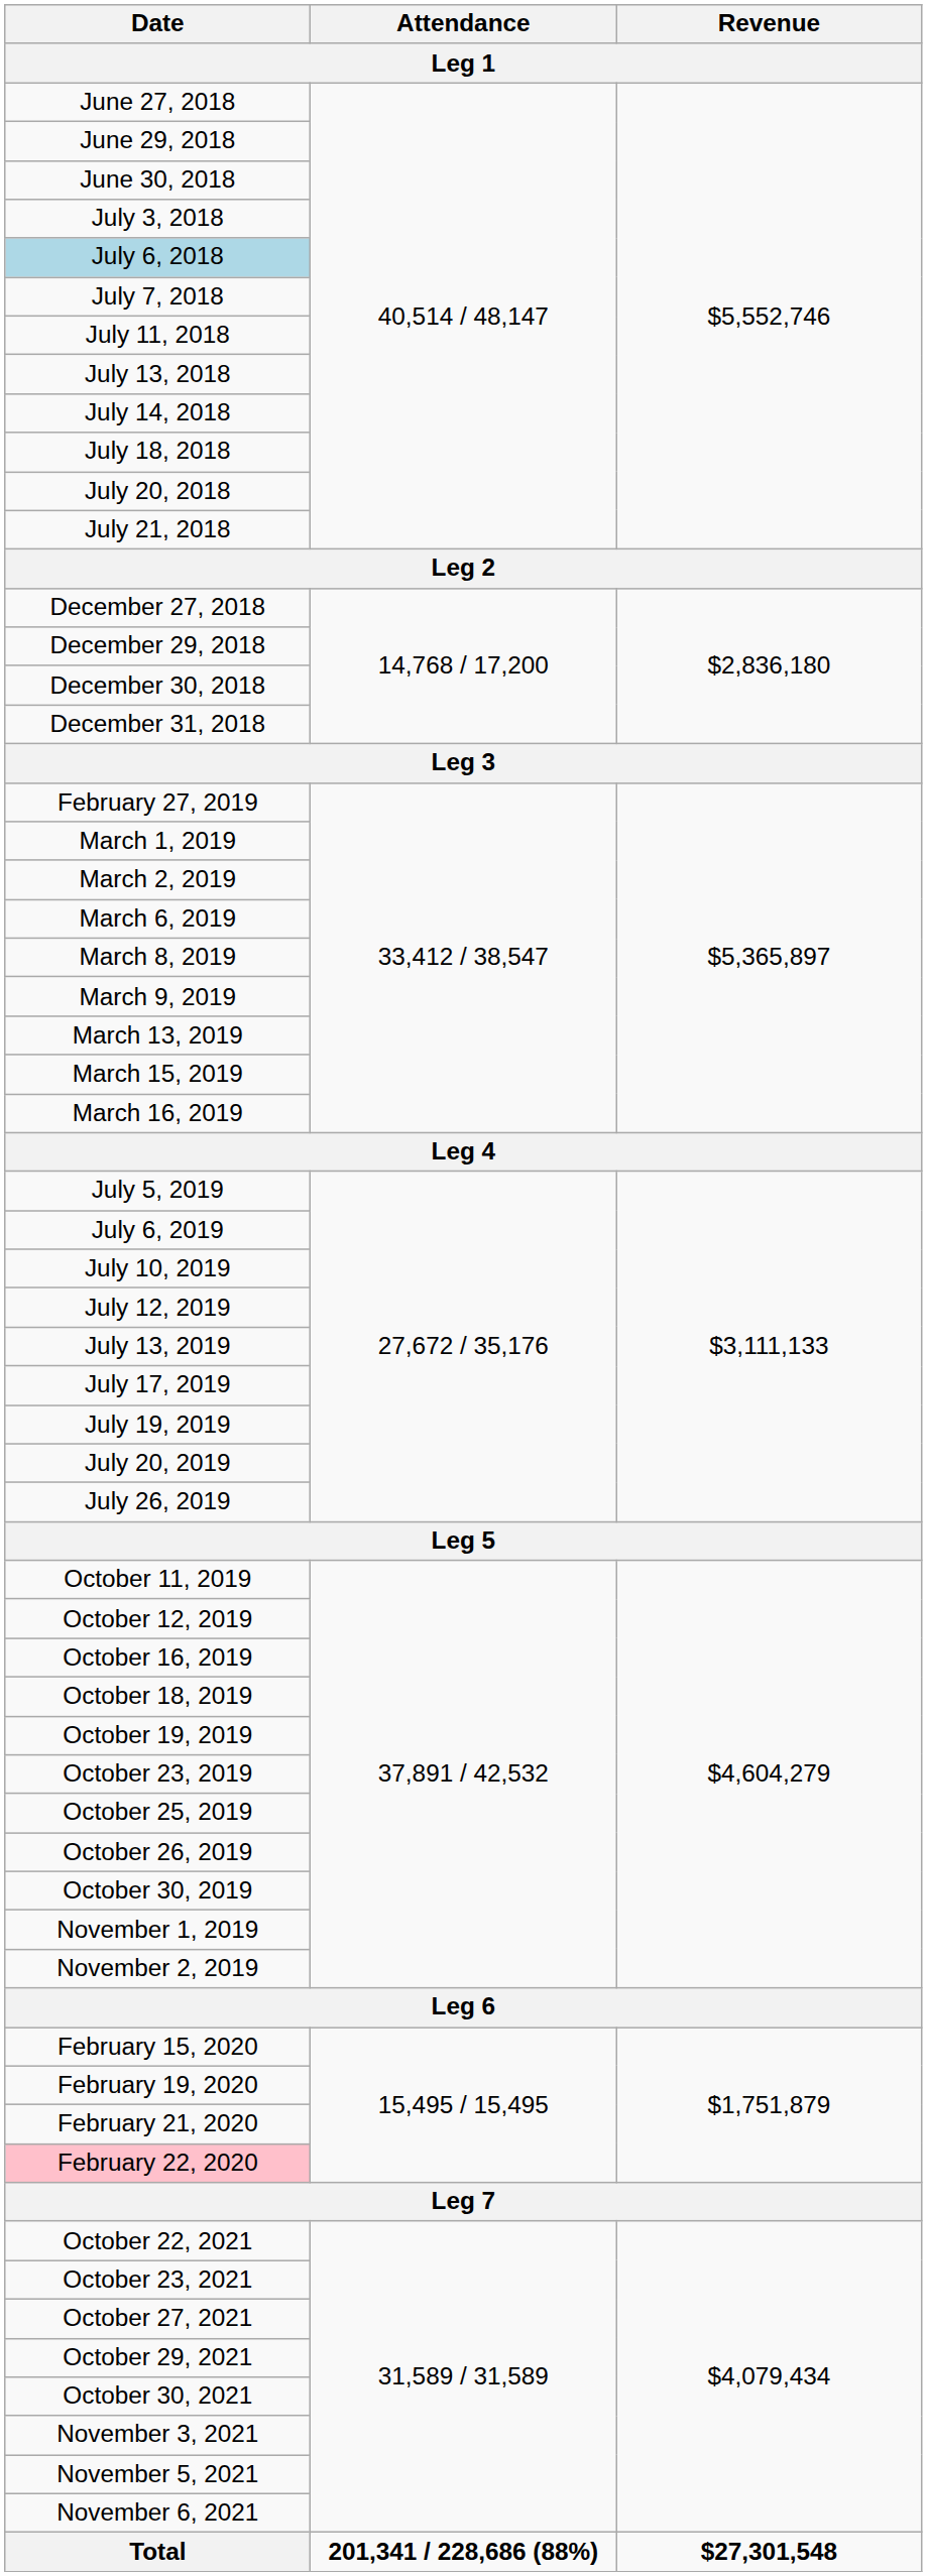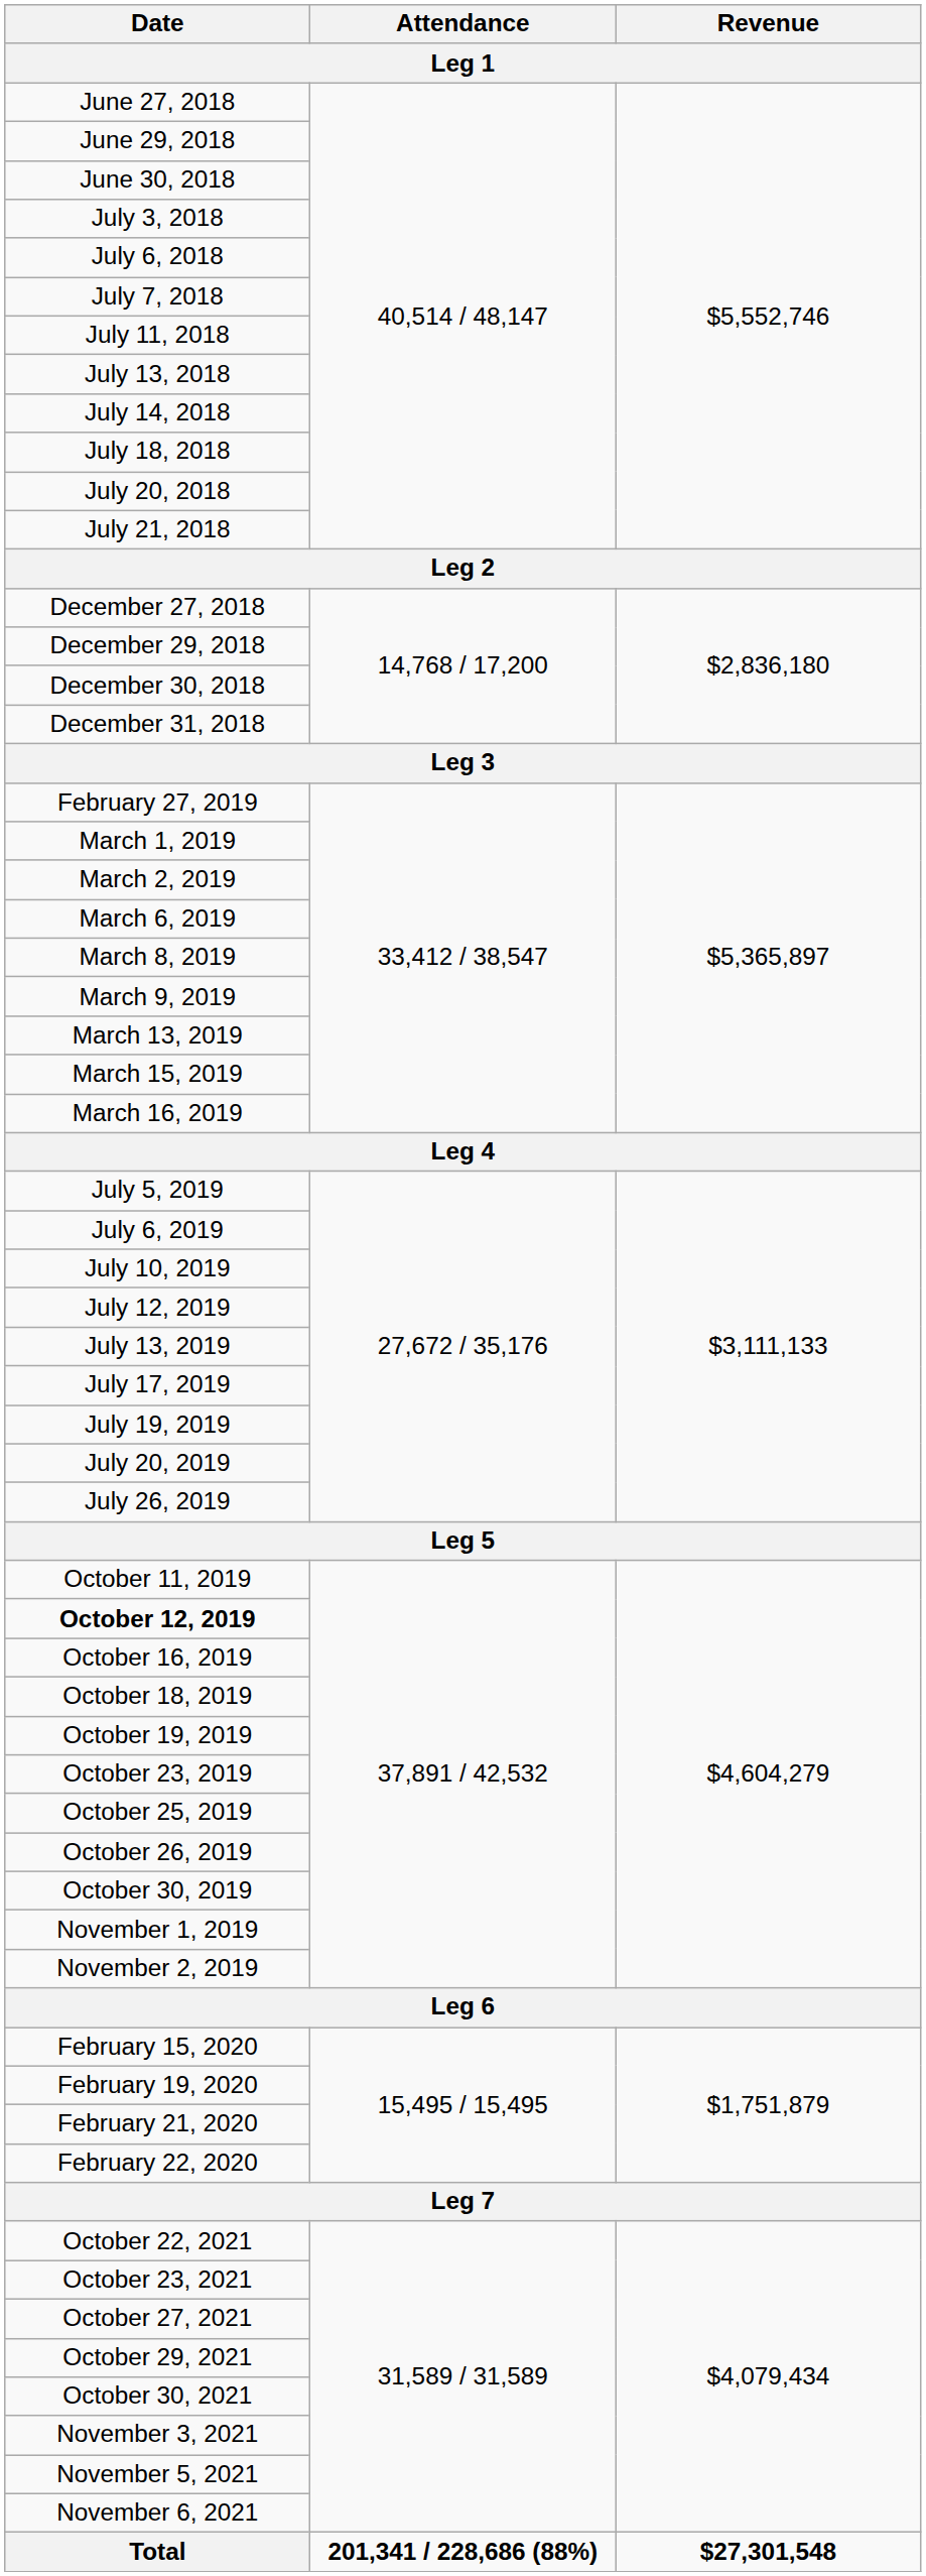 <table class="wikitable plainrowheaders" style="text-align:center;">
 <tr>
 <th scope="col" style="width:12em;">Date</th>
 <th scope="col" style="width:12em;">Attendance</th>
 <th scope="col" style="width:12em;">Revenue</th>
 </tr>
 <tr>
 <th colspan=3>Leg 1</th>
 </tr>
 <tr>
 <td scope="row">June 27, 2018</td>
 <td rowspan="12">40,514 / 48,147</td>
 <td rowspan="12">$5,552,746</td>
 </tr>
 <tr>
 <td scope="row">June 29, 2018</td>
 </tr>
 <tr>
 <td scope="row">June 30, 2018</td>
 </tr>
 <tr>
 <td scope="row">July 3, 2018</td>
 </tr>
 <tr>
-<td scope="row" style="background: lightblue;">July 6, 2018</td>
+<td scope="row">July 6, 2018</td>
 </tr>
 <tr>
 <td scope="row">July 7, 2018</td>
 </tr>
 <tr>
 <td scope="row">July 11, 2018</td>
 </tr>
 <tr>
 <td scope="row">July 13, 2018</td>
 </tr>
 <tr>
 <td scope="row">July 14, 2018</td>
 </tr>
 <tr>
 <td scope="row">July 18, 2018</td>
 </tr>
 <tr>
 <td scope="row">July 20, 2018</td>
 </tr>
 <tr>
 <td scope="row">July 21, 2018</td>
 </tr>
 <tr>
 <th colspan="3">Leg 2</th>
 </tr>
 <tr>
 <td scope="row">December 27, 2018</td>
 <td rowspan="4">14,768 / 17,200</td>
 <td rowspan="4">$2,836,180</td>
 </tr>
 <tr>
 <td scope="row">December 29, 2018</td>
 </tr>
 <tr>
 <td scope="row">December 30, 2018</td>
 </tr>
 <tr>
 <td scope="row">December 31, 2018</td>
 </tr>
 <tr>
 <th colspan="3">Leg 3</th>
 </tr>
 <tr>
 <td scope="row">February 27, 2019</td>
 <td rowspan="9">33,412 / 38,547</td>
 <td rowspan="9">$5,365,897</td>
 </tr>
 <tr>
 <td scope="row">March 1, 2019</td>
 </tr>
 <tr>
 <td scope="row">March 2, 2019</td>
 </tr>
 <tr>
 <td scope="row">March 6, 2019</td>
 </tr>
 <tr>
 <td scope="row">March 8, 2019</td>
 </tr>
 <tr>
 <td scope="row">March 9, 2019</td>
 </tr>
 <tr>
 <td scope="row">March 13, 2019</td>
 </tr>
 <tr>
 <td scope="row">March 15, 2019</td>
 </tr>
 <tr>
 <td scope="row">March 16, 2019</td>
 </tr>
 <tr>
 <th colspan="3">Leg 4</th>
 </tr>
 <tr>
 <td scope="row">July 5, 2019</td>
 <td rowspan="9">27,672 / 35,176</td>
 <td rowspan="9">$3,111,133</td>
 </tr>
 <tr>
 <td scope="row">July 6, 2019</td>
 </tr>
 <tr>
 <td scope="row">July 10, 2019</td>
 </tr>
 <tr>
 <td scope="row">July 12, 2019</td>
 </tr>
 <tr>
 <td scope="row">July 13, 2019</td>
 </tr>
 <tr>
 <td scope="row">July 17, 2019</td>
 </tr>
 <tr>
 <td scope="row">July 19, 2019</td>
 </tr>
 <tr>
 <td scope="row">July 20, 2019</td>
 </tr>
 <tr>
 <td scope="row">July 26, 2019</td>
 </tr>
 <tr>
 <th colspan="3">Leg 5</th>
 </tr>
 <tr>
 <td scope="row">October 11, 2019</td>
 <td rowspan="11">37,891 / 42,532</td>
 <td rowspan="11">$4,604,279</td>
 </tr>
 <tr>
-<td>October 12, 2019</td>
+<td><strong>October 12, 2019</strong></td>
 </tr>
 <tr>
 <td scope="row">October 16, 2019</td>
 </tr>
 <tr>
 <td scope="row">October 18, 2019</td>
 </tr>
 <tr>
 <td scope="row">October 19, 2019</td>
 </tr>
 <tr>
 <td scope="row">October 23, 2019</td>
 </tr>
 <tr>
 <td scope="row">October 25, 2019</td>
 </tr>
 <tr>
 <td scope="row">October 26, 2019</td>
 </tr>
 <tr>
 <td scope="row">October 30, 2019</td>
 </tr>
 <tr>
 <td>November 1, 2019</td>
 </tr>
 <tr>
 <td>November 2, 2019</td>
 </tr>
 <tr>
 <th colspan="3">Leg 6</th>
 </tr>
 <tr>
 <td scope="row">February 15, 2020</td>
 <td rowspan="4">15,495 / 15,495</td>
 <td rowspan="4">$1,751,879</td>
 </tr>
 <tr>
 <td scope="row">February 19, 2020</td>
 </tr>
 <tr>
 <td scope="row">February 21, 2020</td>
 </tr>
 <tr>
-<td scope="row" style="background: pink;">February 22, 2020</td>
+<td scope="row">February 22, 2020</td>
 </tr>
 <tr>
 <th colspan="3">Leg 7</th>
 </tr>
 <tr>
 <td scope="row">October 22, 2021</td>
 <td rowspan="8">31,589 / 31,589</td>
 <td rowspan="8">$4,079,434</td>
 </tr>
 <tr>
 <td scope="row">October 23, 2021</td>
 </tr>
 <tr>
 <td scope="row">October 27, 2021</td>
 </tr>
 <tr>
 <td scope="row">October 29, 2021</td>
 </tr>
 <tr>
 <td scope="row">October 30, 2021</td>
 </tr>
 <tr>
 <td scope="row">November 3, 2021</td>
 </tr>
 <tr>
 <td scope="row">November 5, 2021</td>
 </tr>
 <tr>
 <td scope="row">November 6, 2021</td>
 </tr>
 <tr>
 <th>Total</th>
 <td><strong>201,341 / 228,686 (88%)</strong></td>
 <td><strong>$27,301,548</strong></td>
 </tr>
 </table>
